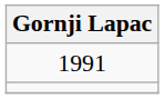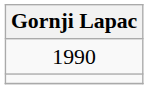 <table class="wikitable" style="margin: 0.5em auto; text-align: center;">
 <tr>
 <th colspan="1">Gornji Lapac</th>
 </tr>
 <tr>
-<td>1991</td>
+<td>1990</td>
 </tr>
 <tr>
 <td></td>
 </tr>
 <tr>
 </tr>
 </table>
